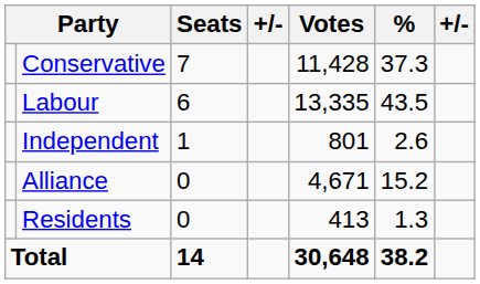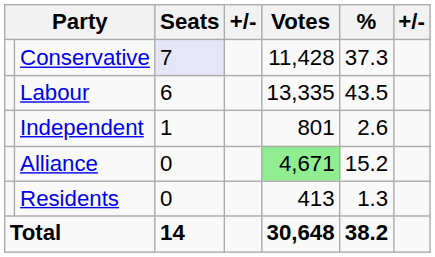 <table class="wikitable sortable">
 <tr>
 <th colspan="2">Party</th>
 <th>Seats</th>
 <th>+/-</th>
 <th>Votes</th>
 <th>%</th>
 <th>+/-</th>
 </tr>
 <tr>
 <td style="background-color: "></td>
 <td><a href='#'>Conservative</a></td>
-<td>7</td>
+<td style="background: lavender;">7</td>
 <td></td>
 <td style="text-align:right;">11,428</td>
 <td style="text-align:right;">37.3</td>
 <td style="text-align:right;"></td>
 </tr>
 <tr>
 <td style="background-color: "></td>
 <td><a href='#'>Labour</a></td>
 <td>6</td>
 <td></td>
 <td style="text-align:right;">13,335</td>
 <td style="text-align:right;">43.5</td>
 <td style="text-align:right;"></td>
 </tr>
 <tr>
 <td style="background-color: "></td>
 <td><a href='#'>Independent</a></td>
 <td>1</td>
 <td></td>
 <td style="text-align:right;">801</td>
 <td style="text-align:right;">2.6</td>
 <td style="text-align:right;"></td>
 </tr>
 <tr>
 <td style="background-color: "></td>
 <td><a href='#'>Alliance</a></td>
 <td>0</td>
 <td></td>
-<td style="text-align:right;">4,671</td>
+<td style="background: lightgreen; text-align:right;">4,671</td>
 <td style="text-align:right;">15.2</td>
 <td style="text-align:right;"></td>
 </tr>
 <tr>
 <td style="background-color: "></td>
 <td><a href='#'>Residents</a></td>
 <td>0</td>
 <td></td>
 <td style="text-align:right;">413</td>
 <td style="text-align:right;">1.3</td>
 <td style="text-align:right;"></td>
 </tr>
 <tr>
 <td colspan="2"><strong>Total</strong></td>
 <td><strong>14</strong></td>
 <td></td>
 <td style="text-align:right;"><strong>30,648</strong></td>
 <td style="text-align:right;"><strong>38.2</strong></td>
 <td style="text-align:right;"></td>
 </tr>
 </table>
